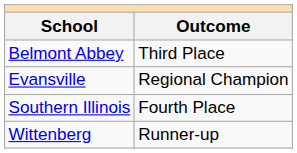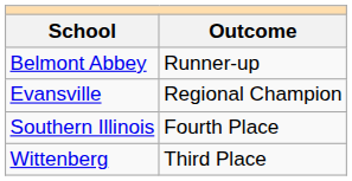 <table class="wikitable" style="float:left; margin-right:1em;">
 <tr>
 <th colspan="3" style="background:#ffdead;"></th>
 </tr>
 <tr>
 <th>School</th>
 <th>Outcome</th>
 </tr>
 <tr>
 <td><a href='#'>Belmont Abbey</a></td>
-<td>Third Place</td>
+<td>Runner-up</td>
 </tr>
 <tr>
 <td><a href='#'>Evansville</a></td>
 <td>Regional Champion</td>
 </tr>
 <tr>
 <td><a href='#'>Southern Illinois</a></td>
 <td>Fourth Place</td>
 </tr>
 <tr>
 <td><a href='#'>Wittenberg</a></td>
-<td>Runner-up</td>
+<td>Third Place</td>
 </tr>
 </table>
